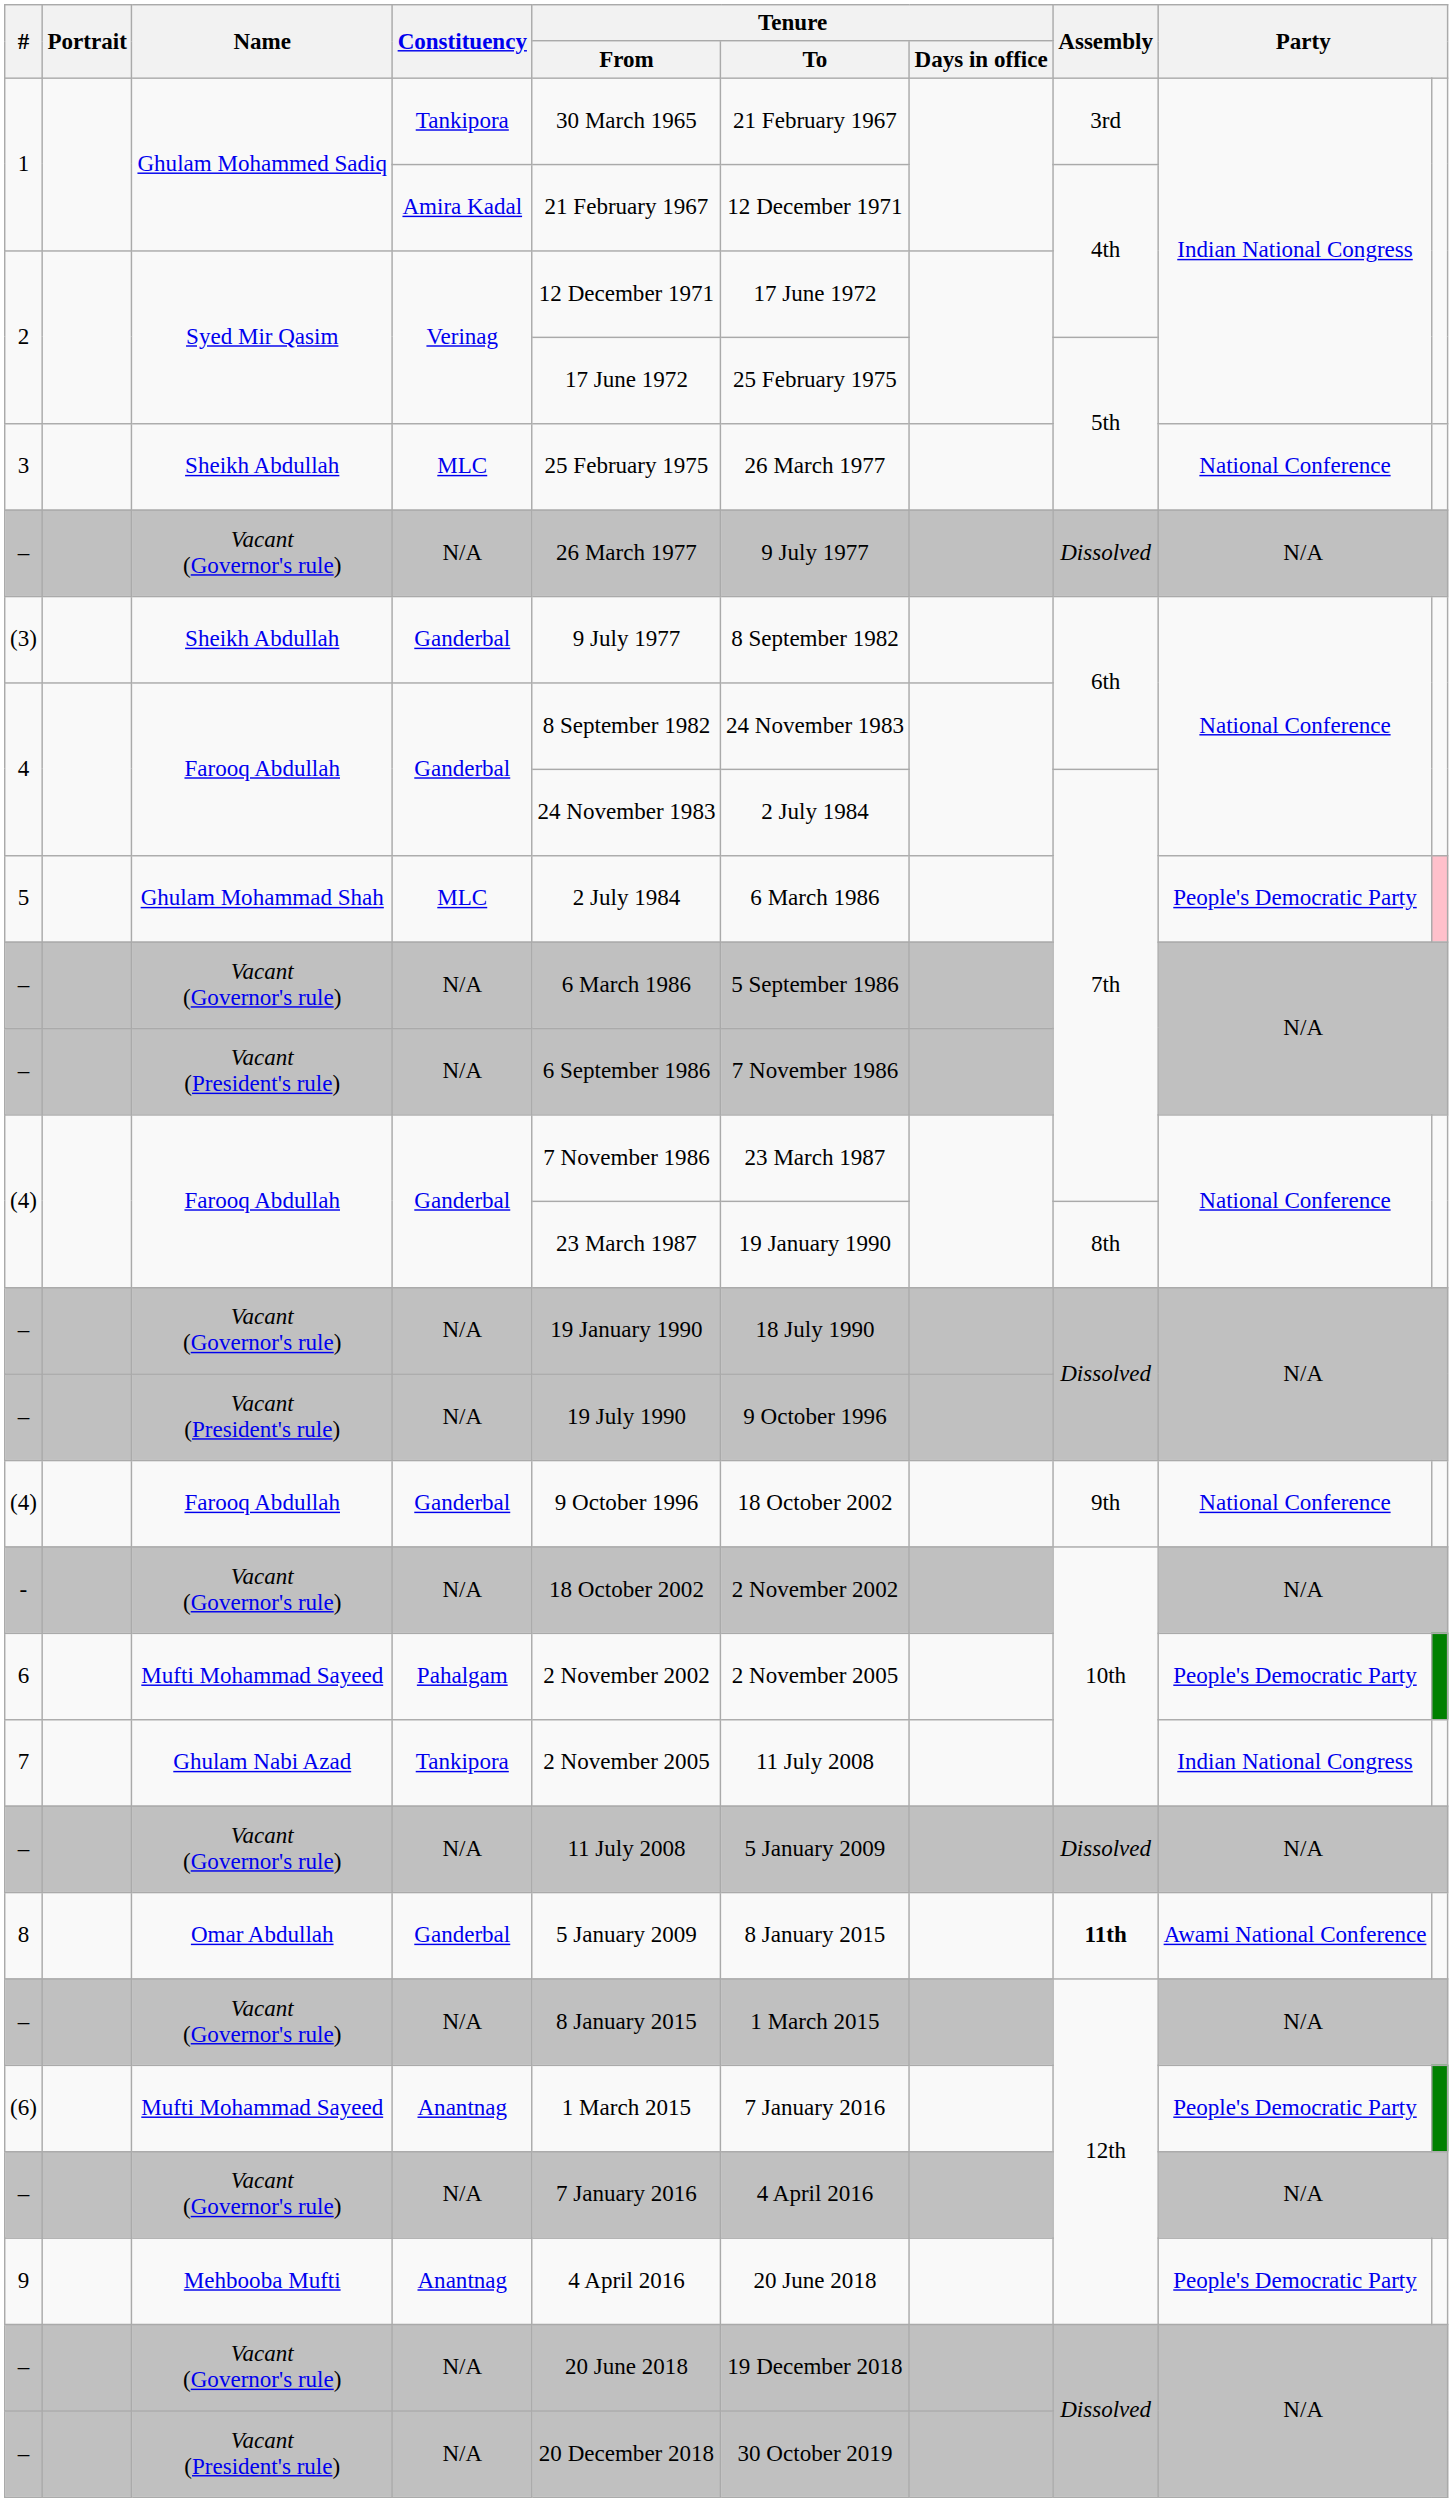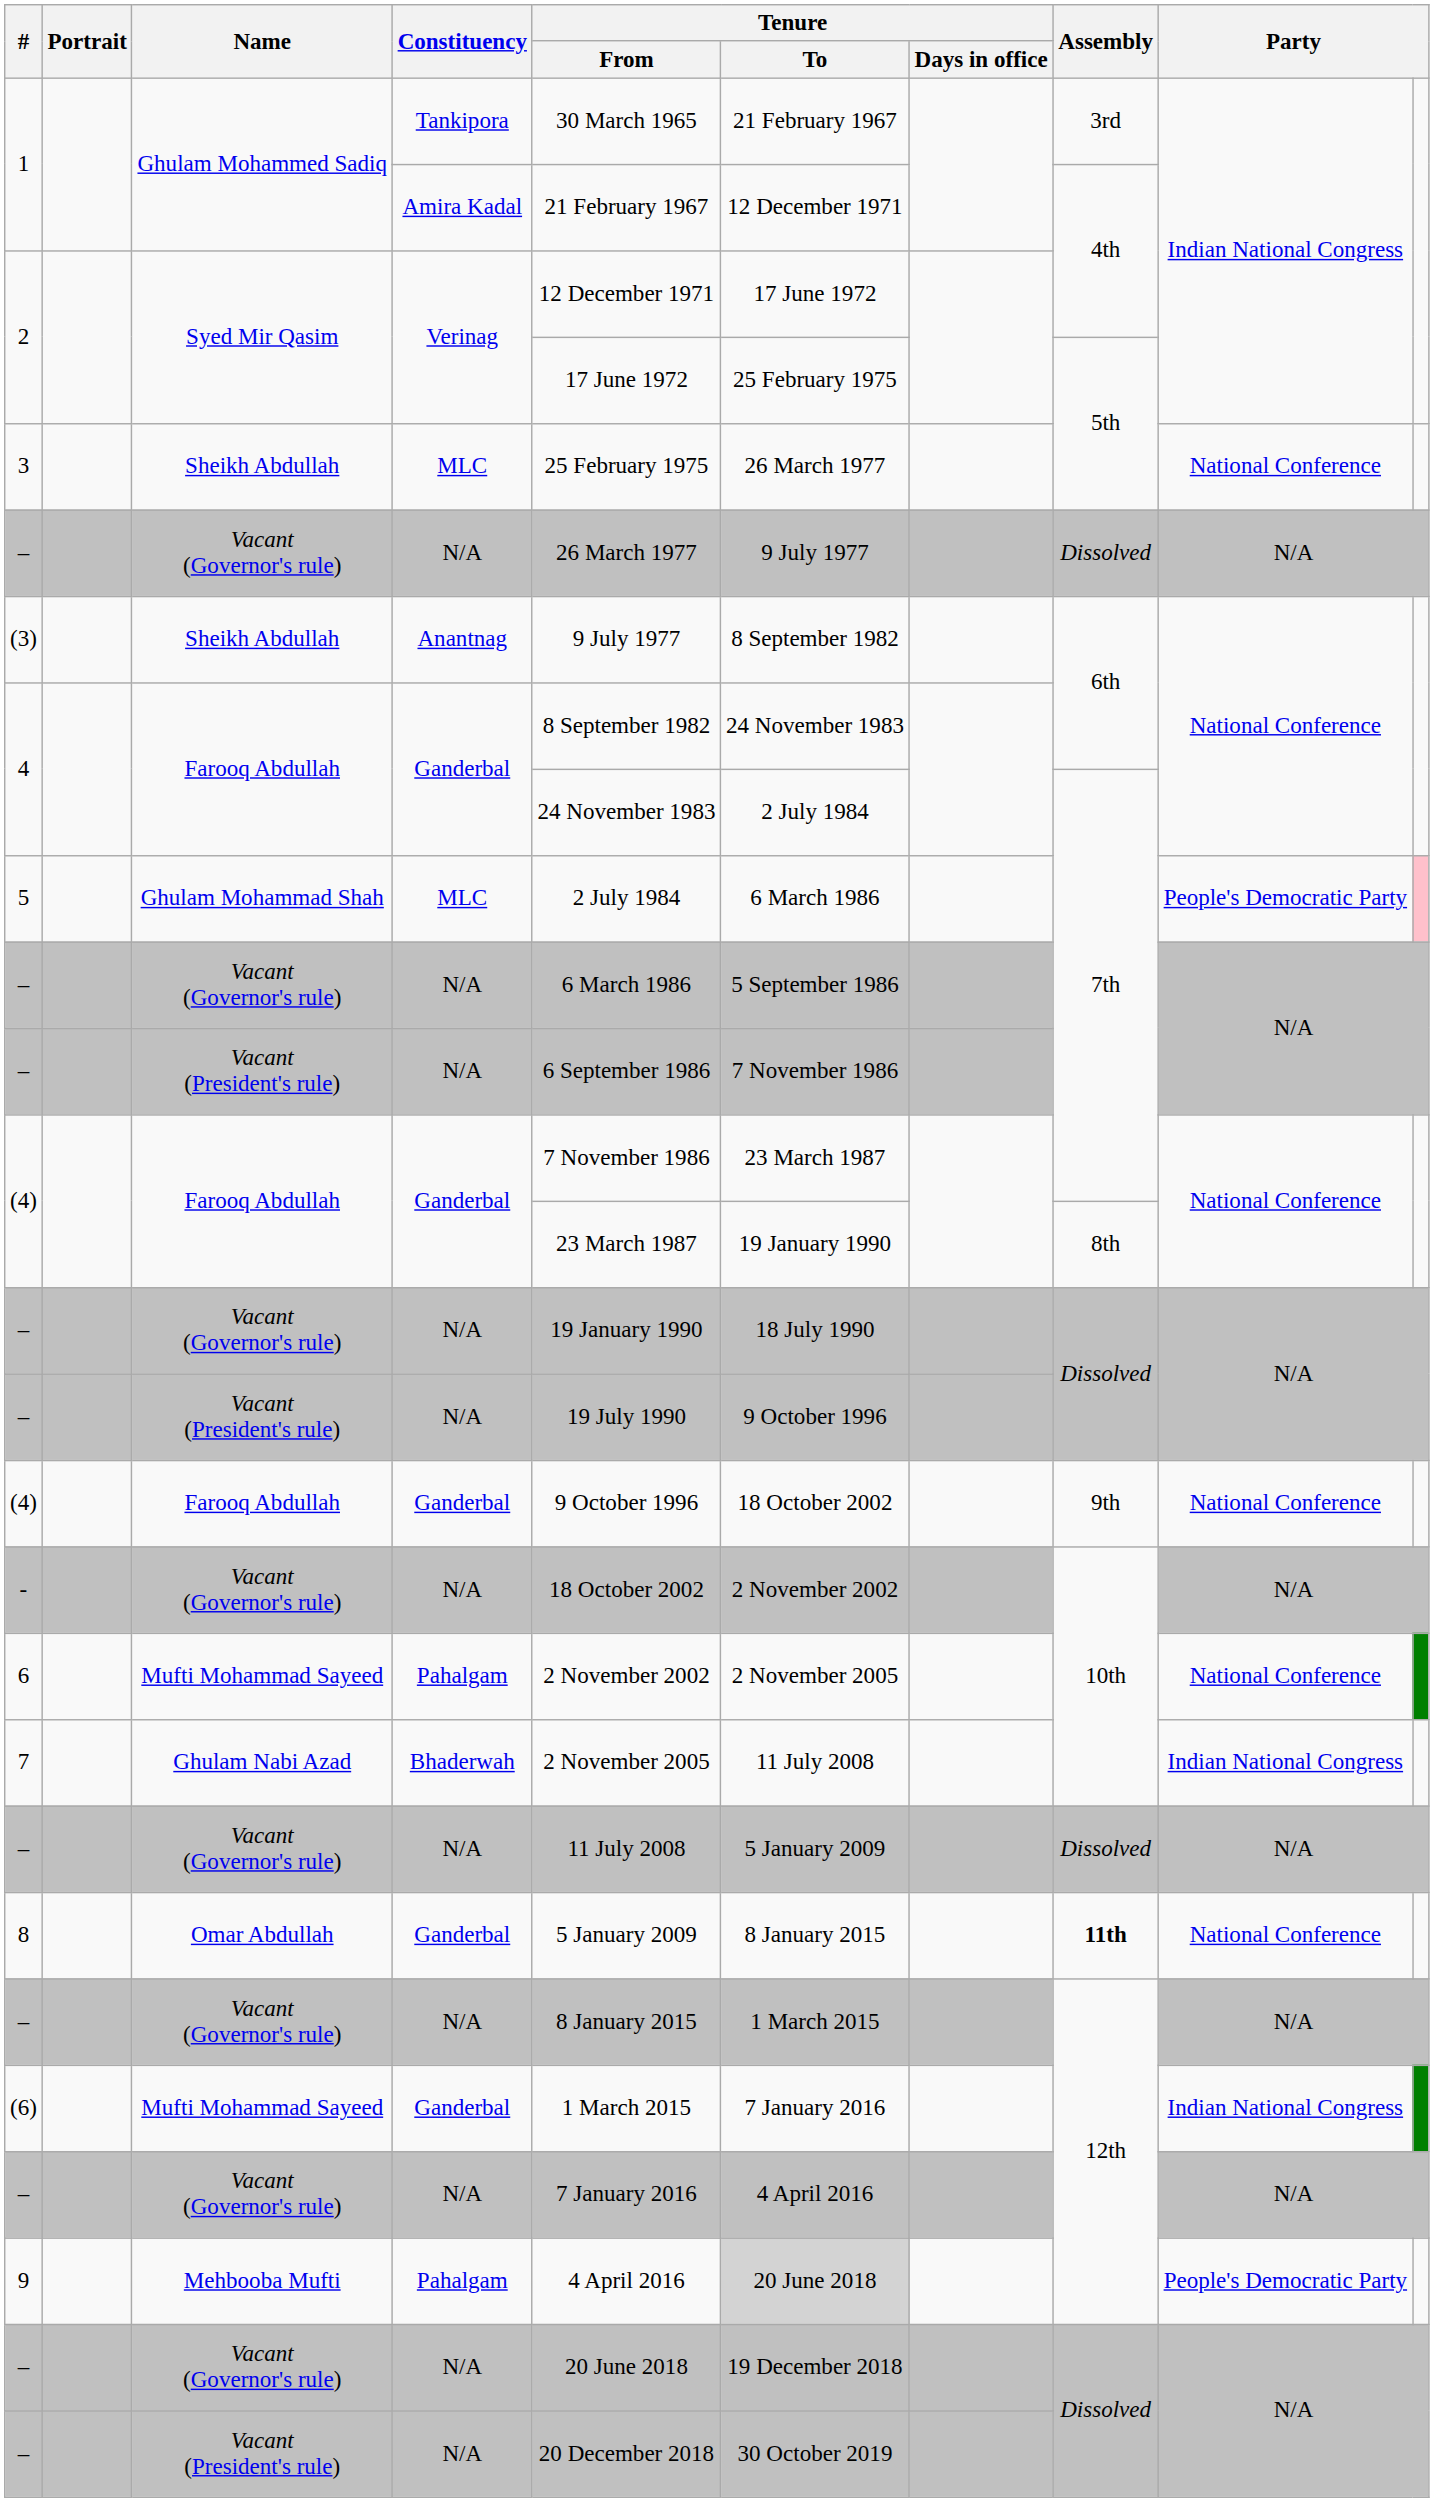 <table class="wikitable" style="text-align:center">
 <tr>
 <th rowspan="2">#</th>
 <th rowspan="2">Portrait</th>
 <th rowspan="2">Name</th>
 <th rowspan="2"><a href='#'>Constituency</a></th>
 <th colspan="3">Tenure</th>
 <th rowspan="2">Assembly</th>
 <th colspan="2" rowspan="2">Party</th>
 </tr>
 <tr>
 <th>From</th>
 <th>To</th>
 <th>Days in office</th>
 </tr>
 <tr align="center" style="height: 60px;">
 <td rowspan="2">1</td>
 <td rowspan="2"></td>
 <td rowspan="2"><a href='#'>Ghulam Mohammed Sadiq</a></td>
 <td><a href='#'>Tankipora</a></td>
 <td>30 March 1965</td>
 <td>21 February 1967</td>
 <td rowspan="2"></td>
 <td>3rd<br></td>
 <td rowspan="4"><a href='#'>Indian National Congress</a></td>
 <td rowspan="4" width="4px" style="background-color: "></td>
 </tr>
 <tr align="center" style="height: 60px;">
 <td><a href='#'>Amira Kadal</a></td>
 <td>21 February 1967</td>
 <td>12 December 1971</td>
 <td rowspan="2">4th<br></td>
 </tr>
 <tr align="center" style="height: 60px;">
 <td rowspan="2">2</td>
 <td rowspan="2"></td>
 <td rowspan="2"><a href='#'>Syed Mir Qasim</a></td>
 <td rowspan="2"><a href='#'>Verinag</a></td>
 <td>12 December 1971</td>
 <td>17 June 1972</td>
 <td rowspan="2"></td>
 </tr>
 <tr align="center" style="height: 60px;">
 <td>17 June 1972</td>
 <td>25 February 1975</td>
 <td rowspan="2">5th<br></td>
 </tr>
 <tr align="center" style="height: 60px;">
 <td>3</td>
 <td></td>
 <td><a href='#'>Sheikh Abdullah</a></td>
 <td><a href='#'>MLC</a></td>
 <td>25 February 1975</td>
 <td>26 March 1977</td>
 <td></td>
 <td><a href='#'>National Conference</a></td>
 <td width="4px" style="background-color: "></td>
 </tr>
 <tr align="center" style="height: 60px;">
 <td style="background:silver;">–</td>
 <td style="background:silver;"></td>
 <td style="background:silver;"><em>Vacant</em><br>(<a href='#'>Governor's rule</a>)</td>
 <td style="background:silver;">N/A</td>
 <td style="background:silver;">26 March 1977</td>
 <td style="background:silver;">9 July 1977</td>
 <td style="background:silver;"></td>
 <td style="background:silver;"><em>Dissolved</em></td>
 <td colspan="2" style="background:silver;">N/A</td>
 </tr>
 <tr align="center" style="height: 60px;">
 <td>(3)</td>
 <td></td>
 <td><a href='#'>Sheikh Abdullah</a></td>
-<td><a href='#'>Ganderbal</a></td>
+<td><a href='#'>Anantnag</a></td>
 <td>9 July 1977</td>
 <td>8 September 1982</td>
 <td></td>
 <td rowspan="2">6th<br></td>
 <td rowspan="3"><a href='#'>National Conference</a></td>
 <td width="4px" rowspan="3" style="background-color: "></td>
 </tr>
 <tr align="center" style="height: 60px;">
 <td rowspan="2">4</td>
 <td rowspan="2"></td>
 <td rowspan="2"><a href='#'>Farooq Abdullah</a></td>
 <td rowspan="2"><a href='#'>Ganderbal</a></td>
 <td>8 September 1982</td>
 <td>24 November 1983</td>
 <td rowspan="2"></td>
 </tr>
 <tr align="center" style="height: 60px;">
 <td>24 November 1983</td>
 <td>2 July 1984</td>
 <td rowspan="5">7th<br></td>
 </tr>
 <tr align="center" style="height: 60px;">
 <td>5</td>
 <td></td>
 <td><a href='#'>Ghulam Mohammad Shah</a></td>
 <td><a href='#'>MLC</a></td>
 <td>2 July 1984</td>
 <td>6 March 1986</td>
 <td></td>
 <td><a href='#'>People's Democratic Party</a></td>
 <td width="4px" style="background-color: pink"></td>
 </tr>
 <tr align="center" style="height: 60px;">
 <td style="background:silver;">–</td>
 <td style="background:silver;"></td>
 <td style="background:silver;"><em>Vacant</em><br>(<a href='#'>Governor's rule</a>)</td>
 <td style="background:silver;">N/A</td>
 <td style="background:silver;">6 March 1986</td>
 <td style="background:silver;">5 September 1986</td>
 <td style="background:silver;"></td>
 <td colspan="2" rowspan="2" style="background:silver;">N/A</td>
 </tr>
 <tr align=center style="height: 60px;" |7>
 <td style="background:silver;">–</td>
 <td style="background:silver;"></td>
 <td style="background:silver;"><em>Vacant</em><br>(<a href='#'>President's rule</a>)</td>
 <td style="background:silver;">N/A</td>
 <td style="background:silver;">6 September 1986</td>
 <td style="background:silver;">7 November 1986</td>
 <td style="background:silver;"></td>
 </tr>
 <tr align=center style="height: 60px;">
 <td rowspan=2>(4)</td>
 <td rowspan="2"></td>
 <td rowspan=2><a href='#'>Farooq Abdullah</a></td>
 <td rowspan=2><a href='#'>Ganderbal</a></td>
 <td>7 November 1986</td>
 <td>23 March 1987</td>
 <td rowspan="2"></td>
 <td rowspan="2"><a href='#'>National Conference</a></td>
 <td width="4px" rowspan="2" style="background-color: "></td>
 </tr>
 <tr align=center style="height: 60px;">
 <td>23 March 1987</td>
 <td>19 January 1990</td>
 <td>8th<br></td>
 </tr>
 <tr align=center style="height: 60px;">
 <td style="background:silver;">–</td>
 <td style="background:silver;"></td>
 <td style="background:silver;"><em>Vacant</em><br>(<a href='#'>Governor's rule</a>)</td>
 <td style="background:silver;">N/A</td>
 <td style="background:silver;">19 January 1990</td>
 <td style="background:silver;">18 July 1990</td>
 <td style="background:silver;"></td>
 <td rowspan="2" style="background:silver;"><em>Dissolved</em></td>
 <td colspan="2" rowspan="2" style="background:silver;">N/A</td>
 </tr>
 <tr align=center style="height: 60px;" |7>
 <td style="background:silver;">–</td>
 <td style="background:silver;"></td>
 <td style="background:silver;"><em>Vacant</em><br>(<a href='#'>President's rule</a>)</td>
 <td style="background:silver;">N/A</td>
 <td style="background:silver;">19 July 1990</td>
 <td style="background:silver;">9 October 1996</td>
 <td style="background:silver;"></td>
 </tr>
 <tr align=center style="height: 60px;">
 <td>(4)</td>
 <td></td>
 <td><a href='#'>Farooq Abdullah</a></td>
 <td><a href='#'>Ganderbal</a></td>
 <td>9 October 1996</td>
 <td>18 October 2002</td>
 <td></td>
 <td>9th<br></td>
 <td><a href='#'>National Conference</a></td>
 <td width="4px" style="background-color: "></td>
 </tr>
 <tr align=center style="height: 60px;">
 <td style="background:silver;">-</td>
 <td style="background:silver;"></td>
 <td style="background:silver;"><em>Vacant</em><br>(<a href='#'>Governor's rule</a>)</td>
 <td style="background:silver;">N/A</td>
 <td style="background:silver;">18 October 2002</td>
 <td style="background:silver;">2 November 2002</td>
 <td style="background:silver;"></td>
 <td rowspan="3">10th<br></td>
 <td colspan="2" style="background:silver;">N/A</td>
 </tr>
 <tr align=center style="height: 60px;">
 <td>6</td>
 <td></td>
 <td><a href='#'>Mufti Mohammad Sayeed</a></td>
 <td><a href='#'>Pahalgam</a></td>
 <td>2 November 2002</td>
 <td>2 November 2005</td>
 <td></td>
-<td><a href='#'>People's Democratic Party</a></td>
+<td><a href='#'>National Conference</a></td>
 <td width="4px" style="background-color: green"></td>
 </tr>
 <tr align=center style="height: 60px;">
 <td>7</td>
 <td></td>
 <td><a href='#'>Ghulam Nabi Azad</a></td>
-<td><a href='#'>Tankipora</a></td>
+<td><a href='#'>Bhaderwah</a></td>
 <td>2 November 2005</td>
 <td>11 July 2008</td>
 <td></td>
 <td><a href='#'>Indian National Congress</a></td>
 <td width="4px" style="background-color: "></td>
 </tr>
 <tr align=center style="height: 60px;">
 <td style="background:silver;">–</td>
 <td style="background:silver;"></td>
 <td style="background:silver;"><em>Vacant</em><br>(<a href='#'>Governor's rule</a>)</td>
 <td style="background:silver;">N/A</td>
 <td style="background:silver;">11 July 2008</td>
 <td style="background:silver;">5 January 2009</td>
 <td style="background:silver;"></td>
 <td style="background:silver;"><em>Dissolved</em></td>
 <td colspan="2" style="background:silver;">N/A</td>
 </tr>
 <tr align=center style="height: 60px;">
 <td>8</td>
 <td></td>
 <td><a href='#'>Omar Abdullah</a></td>
 <td><a href='#'>Ganderbal</a></td>
 <td>5 January 2009</td>
 <td>8 January 2015</td>
 <td></td>
 <td><strong>11th<br></strong></td>
-<td><a href='#'>Awami National Conference</a></td>
+<td><a href='#'>National Conference</a></td>
 <td width="4px" style="background-color: "></td>
 </tr>
 <tr align=center style="height: 60px;">
 <td style="background:silver;">–</td>
 <td style="background:silver;"></td>
 <td style="background:silver;"><em>Vacant</em><br>(<a href='#'>Governor's rule</a>)</td>
 <td style="background:silver;">N/A</td>
 <td style="background:silver;">8 January 2015</td>
 <td style="background:silver;">1 March 2015</td>
 <td style="background:silver;"></td>
 <td rowspan="4">12th<br></td>
 <td colspan="2" style="background:silver;">N/A</td>
 </tr>
 <tr align=center style="height: 60px;">
 <td>(6)</td>
 <td></td>
 <td><a href='#'>Mufti Mohammad Sayeed</a></td>
-<td><a href='#'>Anantnag</a></td>
+<td><a href='#'>Ganderbal</a></td>
 <td>1  March 2015</td>
 <td>7 January 2016</td>
 <td></td>
-<td><a href='#'>People's Democratic Party</a></td>
+<td><a href='#'>Indian National Congress</a></td>
 <td width="4px" style="background-color: green"></td>
 </tr>
 <tr align=center style="height: 60px;">
 <td style="background:silver;">–</td>
 <td style="background:silver;"></td>
 <td style="background:silver;"><em>Vacant</em><br>(<a href='#'>Governor's rule</a>)</td>
 <td style="background:silver;">N/A</td>
 <td style="background:silver;">7 January 2016</td>
 <td style="background:silver;">4 April 2016</td>
 <td style="background:silver;"></td>
 <td colspan="2" style="background:silver;">N/A</td>
 </tr>
 <tr align=center style="height: 60px;">
 <td>9</td>
 <td></td>
 <td><a href='#'>Mehbooba Mufti</a></td>
-<td><a href='#'>Anantnag</a></td>
+<td><a href='#'>Pahalgam</a></td>
 <td>4 April 2016</td>
-<td>20 June 2018</td>
+<td style="background: lightgrey;">20 June 2018</td>
 <td></td>
 <td><a href='#'>People's Democratic Party</a></td>
 <td></td>
 </tr>
 <tr align=center style="height: 60px;">
 <td style="background:silver;">–</td>
 <td style="background:silver;"></td>
 <td style="background:silver;"><em>Vacant</em><br>(<a href='#'>Governor's rule</a>)</td>
 <td style="background:silver;">N/A</td>
 <td style="background:silver;">20 June 2018</td>
 <td style="background:silver;">19 December 2018</td>
 <td style="background:silver;"></td>
 <td rowspan="2" style="background:silver;"><em>Dissolved</em></td>
 <td colspan="2" rowspan="2" style="background:silver;">N/A</td>
 </tr>
 <tr align=center style="height: 60px;"|>
 <td style="background:silver;">–</td>
 <td style="background:silver;"></td>
 <td style="background:silver;"><em>Vacant</em><br>(<a href='#'>President's rule</a>)</td>
 <td style="background:silver;">N/A</td>
 <td style="background:silver;">20 December 2018</td>
 <td style="background:silver;">30 October 2019</td>
 <td style="background:silver;"></td>
 </tr>
 </table>
